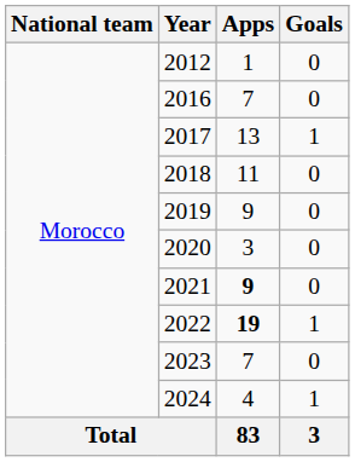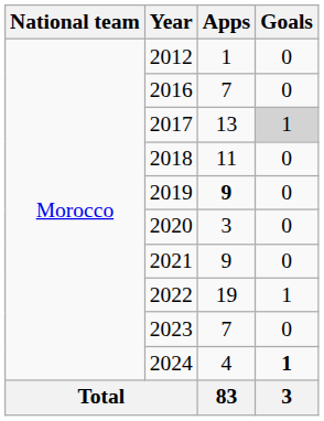 <table class="wikitable" style="text-align:center">
 <tr>
 <th>National team</th>
 <th>Year</th>
 <th>Apps</th>
 <th>Goals</th>
 </tr>
 <tr>
 <td rowspan="10"><a href='#'>Morocco</a></td>
 <td>2012</td>
 <td>1</td>
 <td>0</td>
 </tr>
 <tr>
 <td>2016</td>
 <td>7</td>
 <td>0</td>
 </tr>
 <tr>
 <td>2017</td>
 <td>13</td>
-<td>1</td>
+<td style="background: lightgrey;">1</td>
 </tr>
 <tr>
 <td>2018</td>
 <td>11</td>
 <td>0</td>
 </tr>
 <tr>
 <td>2019</td>
-<td>9</td>
+<td><strong>9</strong></td>
 <td>0</td>
 </tr>
 <tr>
 <td>2020</td>
 <td>3</td>
 <td>0</td>
 </tr>
 <tr>
 <td>2021</td>
-<td><strong>9</strong></td>
+<td>9</td>
 <td>0</td>
 </tr>
 <tr>
 <td>2022</td>
-<td><strong>19</strong></td>
+<td>19</td>
 <td>1</td>
 </tr>
 <tr>
 <td>2023</td>
 <td>7</td>
 <td>0</td>
 </tr>
 <tr>
 <td>2024</td>
 <td>4</td>
-<td>1</td>
+<td><strong>1</strong></td>
 </tr>
 <tr>
 <th colspan="2">Total</th>
 <th>83</th>
 <th>3</th>
 </tr>
 </table>
